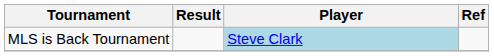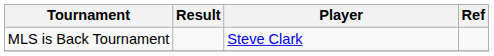 <table class=wikitable>
 <tr>
 <th>Tournament</th>
 <th>Result</th>
 <th style="width:250px;">Player</th>
 <th>Ref</th>
 </tr>
 <tr>
 <td>MLS is Back Tournament</td>
 <td></td>
-<td style="background: lightblue;"> <a href='#'>Steve Clark</a></td>
+<td> <a href='#'>Steve Clark</a></td>
 <td></td>
 </tr>
 <tr>
 </tr>
 </table>
